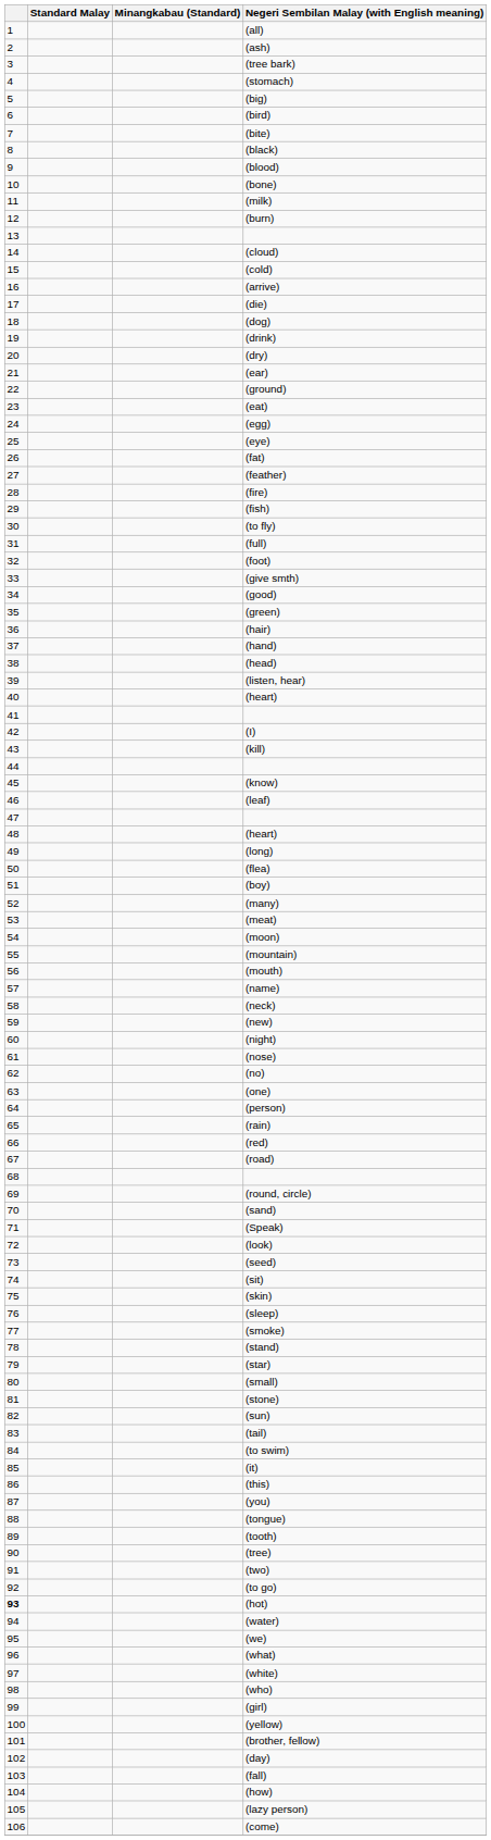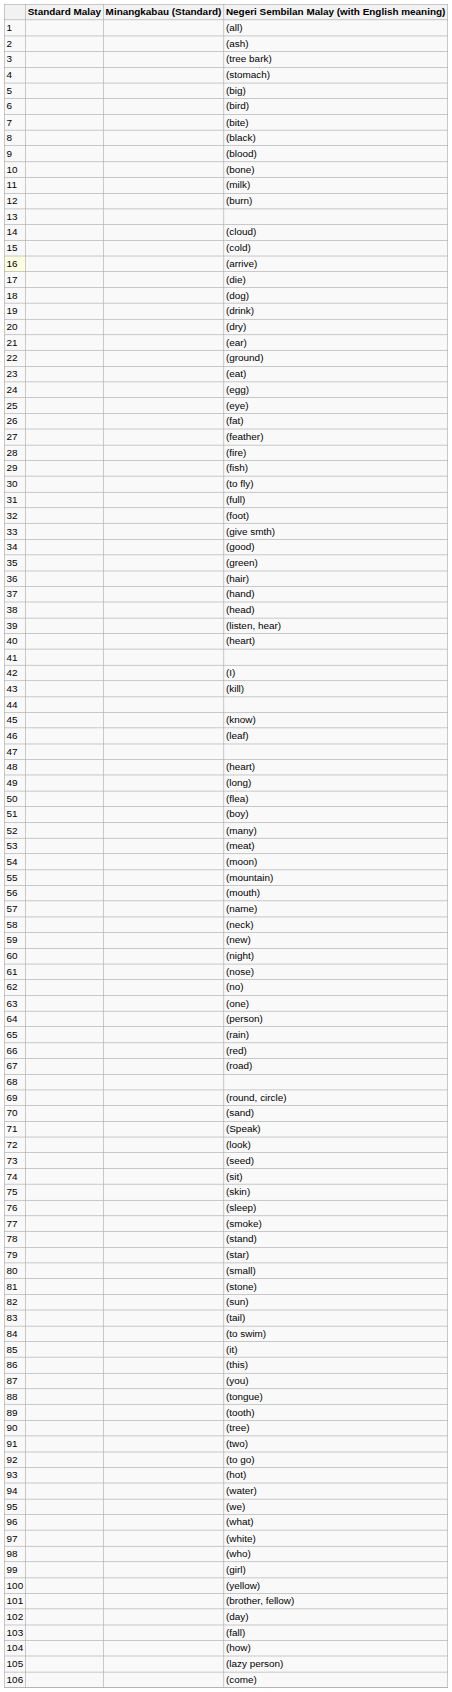 <table class="wikitable mw-collapsible mw-collapsed">
 <tr>
 <th></th>
 <th>Standard Malay</th>
 <th>Minangkabau (Standard)</th>
 <th>Negeri Sembilan Malay (with English meaning)</th>
 </tr>
 <tr>
 <td>1</td>
 <td></td>
 <td></td>
 <td> (all)</td>
 </tr>
 <tr>
 <td>2</td>
 <td></td>
 <td></td>
 <td> (ash)</td>
 </tr>
 <tr>
 <td>3</td>
 <td></td>
 <td></td>
 <td> (tree bark)</td>
 </tr>
 <tr>
 <td>4</td>
 <td></td>
 <td></td>
 <td> (stomach)</td>
 </tr>
 <tr>
 <td>5</td>
 <td></td>
 <td></td>
 <td> (big)</td>
 </tr>
 <tr>
 <td>6</td>
 <td></td>
 <td></td>
 <td> (bird)</td>
 </tr>
 <tr>
 <td>7</td>
 <td></td>
 <td></td>
 <td> (bite)</td>
 </tr>
 <tr>
 <td>8</td>
 <td></td>
 <td></td>
 <td> (black)</td>
 </tr>
 <tr>
 <td>9</td>
 <td></td>
 <td></td>
 <td> (blood)</td>
 </tr>
 <tr>
 <td>10</td>
 <td></td>
 <td></td>
 <td> (bone)</td>
 </tr>
 <tr>
 <td>11</td>
 <td></td>
 <td></td>
 <td> (milk)</td>
 </tr>
 <tr>
 <td>12</td>
 <td></td>
 <td></td>
 <td> (burn)</td>
 </tr>
 <tr>
 <td>13</td>
 <td></td>
 <td></td>
 <td></td>
 </tr>
 <tr>
 <td>14</td>
 <td></td>
 <td></td>
 <td> (cloud)</td>
 </tr>
 <tr>
 <td>15</td>
 <td></td>
 <td></td>
 <td> (cold)</td>
 </tr>
 <tr>
-<td>16</td>
+<td style="background: lightyellow;">16</td>
 <td></td>
 <td></td>
 <td> (arrive)</td>
 </tr>
 <tr>
 <td>17</td>
 <td></td>
 <td></td>
 <td> (die)</td>
 </tr>
 <tr>
 <td>18</td>
 <td></td>
 <td></td>
 <td> (dog)</td>
 </tr>
 <tr>
 <td>19</td>
 <td></td>
 <td></td>
 <td> (drink)</td>
 </tr>
 <tr>
 <td>20</td>
 <td></td>
 <td></td>
 <td> (dry)</td>
 </tr>
 <tr>
 <td>21</td>
 <td></td>
 <td></td>
 <td> (ear)</td>
 </tr>
 <tr>
 <td>22</td>
 <td></td>
 <td></td>
 <td> (ground)</td>
 </tr>
 <tr>
 <td>23</td>
 <td></td>
 <td></td>
 <td> (eat)</td>
 </tr>
 <tr>
 <td>24</td>
 <td></td>
 <td></td>
 <td> (egg)</td>
 </tr>
 <tr>
 <td>25</td>
 <td></td>
 <td></td>
 <td> (eye)</td>
 </tr>
 <tr>
 <td>26</td>
 <td></td>
 <td></td>
 <td> (fat)</td>
 </tr>
 <tr>
 <td>27</td>
 <td></td>
 <td></td>
 <td> (feather)</td>
 </tr>
 <tr>
 <td>28</td>
 <td></td>
 <td></td>
 <td> (fire)</td>
 </tr>
 <tr>
 <td>29</td>
 <td></td>
 <td></td>
 <td> (fish)</td>
 </tr>
 <tr>
 <td>30</td>
 <td></td>
 <td></td>
 <td> (to fly)</td>
 </tr>
 <tr>
 <td>31</td>
 <td></td>
 <td></td>
 <td> (full)</td>
 </tr>
 <tr>
 <td>32</td>
 <td></td>
 <td></td>
 <td> (foot)</td>
 </tr>
 <tr>
 <td>33</td>
 <td></td>
 <td></td>
 <td> (give smth)</td>
 </tr>
 <tr>
 <td>34</td>
 <td></td>
 <td></td>
 <td> (good)</td>
 </tr>
 <tr>
 <td>35</td>
 <td></td>
 <td></td>
 <td> (green)</td>
 </tr>
 <tr>
 <td>36</td>
 <td></td>
 <td></td>
 <td> (hair)</td>
 </tr>
 <tr>
 <td>37</td>
 <td></td>
 <td></td>
 <td> (hand)</td>
 </tr>
 <tr>
 <td>38</td>
 <td></td>
 <td></td>
 <td> (head)</td>
 </tr>
 <tr>
 <td>39</td>
 <td></td>
 <td></td>
 <td> (listen, hear)</td>
 </tr>
 <tr>
 <td>40</td>
 <td></td>
 <td></td>
 <td> (heart)</td>
 </tr>
 <tr>
 <td>41</td>
 <td></td>
 <td></td>
 <td></td>
 </tr>
 <tr>
 <td>42</td>
 <td></td>
 <td></td>
 <td> (I)</td>
 </tr>
 <tr>
 <td>43</td>
 <td></td>
 <td></td>
 <td> (kill)</td>
 </tr>
 <tr>
 <td>44</td>
 <td></td>
 <td></td>
 <td></td>
 </tr>
 <tr>
 <td>45</td>
 <td></td>
 <td></td>
 <td> (know)</td>
 </tr>
 <tr>
 <td>46</td>
 <td></td>
 <td></td>
 <td> (leaf)</td>
 </tr>
 <tr>
 <td>47</td>
 <td></td>
 <td></td>
 <td></td>
 </tr>
 <tr>
 <td>48</td>
 <td></td>
 <td></td>
 <td> (heart)</td>
 </tr>
 <tr>
 <td>49</td>
 <td></td>
 <td></td>
 <td> (long)</td>
 </tr>
 <tr>
 <td>50</td>
 <td></td>
 <td></td>
 <td> (flea)</td>
 </tr>
 <tr>
 <td>51</td>
 <td></td>
 <td></td>
 <td> (boy)</td>
 </tr>
 <tr>
 <td>52</td>
 <td></td>
 <td></td>
 <td> (many)</td>
 </tr>
 <tr>
 <td>53</td>
 <td></td>
 <td></td>
 <td> (meat)</td>
 </tr>
 <tr>
 <td>54</td>
 <td></td>
 <td></td>
 <td> (moon)</td>
 </tr>
 <tr>
 <td>55</td>
 <td></td>
 <td></td>
 <td> (mountain)</td>
 </tr>
 <tr>
 <td>56</td>
 <td></td>
 <td></td>
 <td> (mouth)</td>
 </tr>
 <tr>
 <td>57</td>
 <td></td>
 <td></td>
 <td> (name)</td>
 </tr>
 <tr>
 <td>58</td>
 <td></td>
 <td></td>
 <td> (neck)</td>
 </tr>
 <tr>
 <td>59</td>
 <td></td>
 <td></td>
 <td> (new)</td>
 </tr>
 <tr>
 <td>60</td>
 <td></td>
 <td></td>
 <td> (night)</td>
 </tr>
 <tr>
 <td>61</td>
 <td></td>
 <td></td>
 <td> (nose)</td>
 </tr>
 <tr>
 <td>62</td>
 <td></td>
 <td></td>
 <td> (no)</td>
 </tr>
 <tr>
 <td>63</td>
 <td></td>
 <td></td>
 <td> (one)</td>
 </tr>
 <tr>
 <td>64</td>
 <td></td>
 <td></td>
 <td> (person)</td>
 </tr>
 <tr>
 <td>65</td>
 <td></td>
 <td></td>
 <td> (rain)</td>
 </tr>
 <tr>
 <td>66</td>
 <td></td>
 <td></td>
 <td> (red)</td>
 </tr>
 <tr>
 <td>67</td>
 <td></td>
 <td></td>
 <td> (road)</td>
 </tr>
 <tr>
 <td>68</td>
 <td></td>
 <td></td>
 <td></td>
 </tr>
 <tr>
 <td>69</td>
 <td></td>
 <td></td>
 <td> (round, circle)</td>
 </tr>
 <tr>
 <td>70</td>
 <td></td>
 <td></td>
 <td> (sand)</td>
 </tr>
 <tr>
 <td>71</td>
 <td></td>
 <td></td>
 <td> (Speak)</td>
 </tr>
 <tr>
 <td>72</td>
 <td></td>
 <td></td>
 <td> (look)</td>
 </tr>
 <tr>
 <td>73</td>
 <td></td>
 <td></td>
 <td> (seed)</td>
 </tr>
 <tr>
 <td>74</td>
 <td></td>
 <td></td>
 <td> (sit)</td>
 </tr>
 <tr>
 <td>75</td>
 <td></td>
 <td></td>
 <td> (skin)</td>
 </tr>
 <tr>
 <td>76</td>
 <td></td>
 <td></td>
 <td> (sleep)</td>
 </tr>
 <tr>
 <td>77</td>
 <td></td>
 <td></td>
 <td> (smoke)</td>
 </tr>
 <tr>
 <td>78</td>
 <td></td>
 <td></td>
 <td> (stand)</td>
 </tr>
 <tr>
 <td>79</td>
 <td></td>
 <td></td>
 <td> (star)</td>
 </tr>
 <tr>
 <td>80</td>
 <td></td>
 <td></td>
 <td> (small)</td>
 </tr>
 <tr>
 <td>81</td>
 <td></td>
 <td></td>
 <td> (stone)</td>
 </tr>
 <tr>
 <td>82</td>
 <td></td>
 <td></td>
 <td> (sun)</td>
 </tr>
 <tr>
 <td>83</td>
 <td></td>
 <td></td>
 <td> (tail)</td>
 </tr>
 <tr>
 <td>84</td>
 <td></td>
 <td></td>
 <td> (to swim)</td>
 </tr>
 <tr>
 <td>85</td>
 <td></td>
 <td></td>
 <td> (it)</td>
 </tr>
 <tr>
 <td>86</td>
 <td></td>
 <td></td>
 <td> (this)</td>
 </tr>
 <tr>
 <td>87</td>
 <td></td>
 <td></td>
 <td> (you)</td>
 </tr>
 <tr>
 <td>88</td>
 <td></td>
 <td></td>
 <td> (tongue)</td>
 </tr>
 <tr>
 <td>89</td>
 <td></td>
 <td></td>
 <td> (tooth)</td>
 </tr>
 <tr>
 <td>90</td>
 <td></td>
 <td></td>
 <td> (tree)</td>
 </tr>
 <tr>
 <td>91</td>
 <td></td>
 <td></td>
 <td> (two)</td>
 </tr>
 <tr>
 <td>92</td>
 <td></td>
 <td></td>
 <td> (to go)</td>
 </tr>
 <tr>
-<td><strong>93</strong></td>
+<td>93</td>
 <td></td>
 <td></td>
 <td> (hot)</td>
 </tr>
 <tr>
 <td>94</td>
 <td></td>
 <td></td>
 <td> (water)</td>
 </tr>
 <tr>
 <td>95</td>
 <td></td>
 <td></td>
 <td> (we)</td>
 </tr>
 <tr>
 <td>96</td>
 <td></td>
 <td></td>
 <td> (what)</td>
 </tr>
 <tr>
 <td>97</td>
 <td></td>
 <td></td>
 <td> (white)</td>
 </tr>
 <tr>
 <td>98</td>
 <td></td>
 <td></td>
 <td> (who)</td>
 </tr>
 <tr>
 <td>99</td>
 <td></td>
 <td></td>
 <td> (girl)</td>
 </tr>
 <tr>
 <td>100</td>
 <td></td>
 <td></td>
 <td> (yellow)</td>
 </tr>
 <tr>
 <td>101</td>
 <td></td>
 <td></td>
 <td> (brother, fellow)</td>
 </tr>
 <tr>
 <td>102</td>
 <td></td>
 <td></td>
 <td> (day)</td>
 </tr>
 <tr>
 <td>103</td>
 <td></td>
 <td></td>
 <td> (fall)</td>
 </tr>
 <tr>
 <td>104</td>
 <td></td>
 <td></td>
 <td> (how)</td>
 </tr>
 <tr>
 <td>105</td>
 <td></td>
 <td></td>
 <td> (lazy person)</td>
 </tr>
 <tr>
 <td>106</td>
 <td></td>
 <td></td>
 <td> (come)</td>
 </tr>
 <tr>
 </tr>
 </table>
